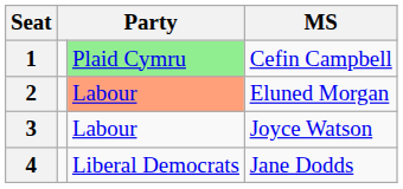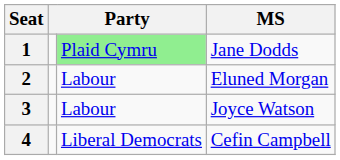 <table class="wikitable">
 <tr>
 <th>Seat</th>
 <th colspan=2>Party</th>
 <th>MS</th>
 </tr>
 <tr>
 <th>1</th>
 <td style="color:inherit;background:"></td>
 <td style="background: lightgreen;"><a href='#'>Plaid Cymru</a></td>
-<td><a href='#'>Cefin Campbell</a></td>
+<td><a href='#'>Jane Dodds</a></td>
 </tr>
 <tr>
 <th>2</th>
 <td style="color:inherit;background:"></td>
-<td style="background: lightsalmon;"><a href='#'>Labour</a></td>
+<td><a href='#'>Labour</a></td>
 <td><a href='#'>Eluned Morgan</a></td>
 </tr>
 <tr>
 <th>3</th>
 <td style="color:inherit;background:"></td>
 <td><a href='#'>Labour</a></td>
 <td><a href='#'>Joyce Watson</a></td>
 </tr>
 <tr>
 <th>4</th>
 <td style="color:inherit;background:"></td>
 <td><a href='#'>Liberal Democrats</a></td>
-<td><a href='#'>Jane Dodds</a></td>
+<td><a href='#'>Cefin Campbell</a></td>
 </tr>
 </table>
